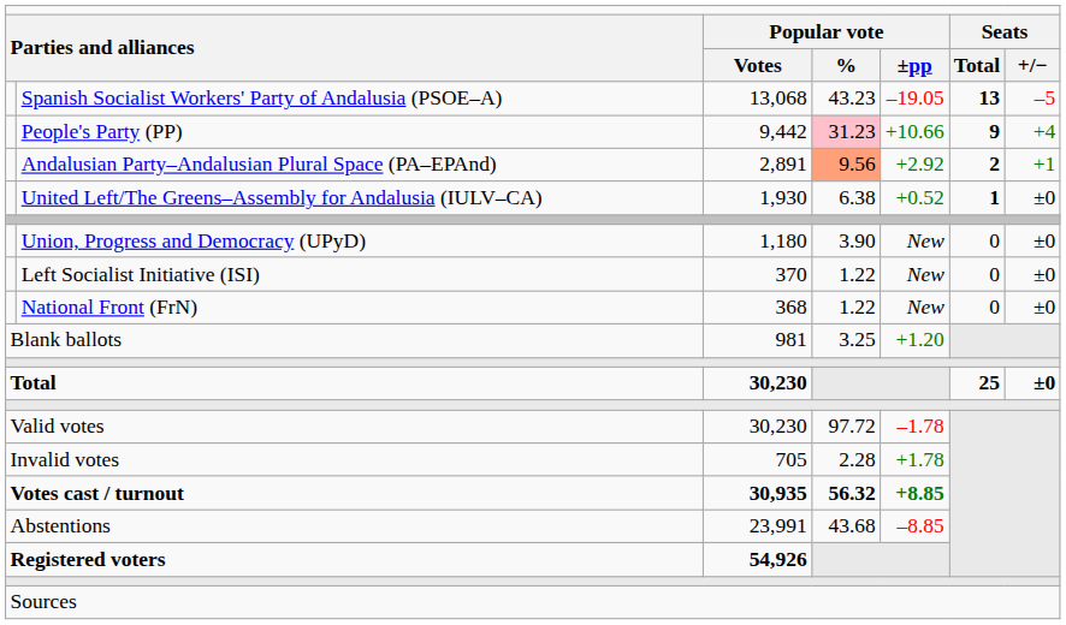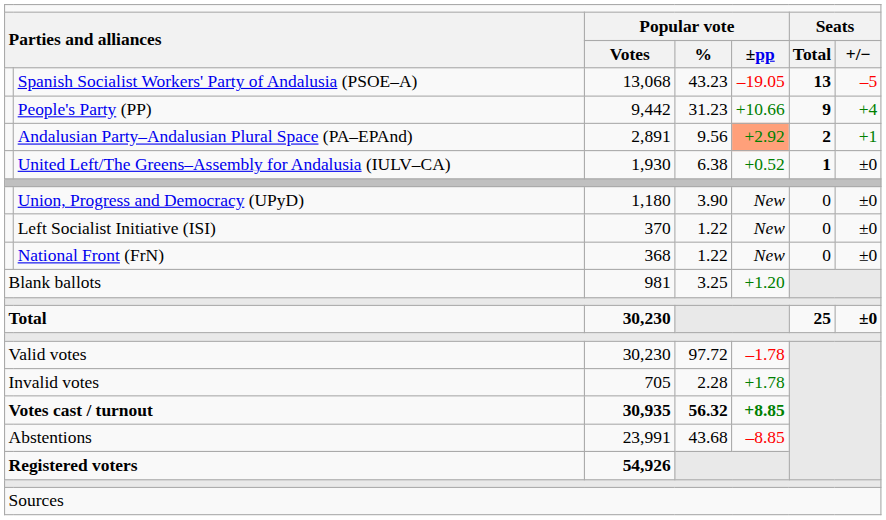 <table class="wikitable" style="text-align:right;">
 <tr>
 <td colspan="7"></td>
 </tr>
 <tr>
 <th style="text-align:left;" rowspan="2" colspan="2" width="525">Parties and alliances</th>
 <th colspan="3">Popular vote</th>
 <th colspan="2">Seats</th>
 </tr>
 <tr>
 <th width="75">Votes</th>
 <th width="45">%</th>
 <th width="45">±<a href='#'>pp</a></th>
 <th width="35">Total</th>
 <th width="35">+/−</th>
 </tr>
 <tr>
 <td width="1" style="color:inherit;background:"></td>
 <td align="left"><a href='#'>Spanish Socialist Workers' Party of Andalusia</a> (PSOE–A)</td>
 <td>13,068</td>
 <td>43.23</td>
 <td style="color:red;">–19.05</td>
 <td><strong>13</strong></td>
 <td style="color:red;">–5</td>
 </tr>
 <tr>
 <td style="color:inherit;background:"></td>
 <td align="left"><a href='#'>People's Party</a> (PP)</td>
 <td>9,442</td>
-<td style="background: pink;">31.23</td>
+<td>31.23</td>
 <td style="color:green;">+10.66</td>
 <td><strong>9</strong></td>
 <td style="color:green;">+4</td>
 </tr>
 <tr>
 <td style="color:inherit;background:"></td>
 <td align="left"><a href='#'>Andalusian Party–Andalusian Plural Space</a> (PA–EPAnd)</td>
 <td>2,891</td>
-<td style="background: lightsalmon;">9.56</td>
-<td style="color:green;">+2.92</td>
+<td>9.56</td>
+<td style="background: lightsalmon; color:green;">+2.92</td>
 <td><strong>2</strong></td>
 <td style="color:green;">+1</td>
 </tr>
 <tr>
 <td style="color:inherit;background:"></td>
 <td align="left"><a href='#'>United Left/The Greens–Assembly for Andalusia</a> (IULV–CA)</td>
 <td>1,930</td>
 <td>6.38</td>
 <td style="color:green;">+0.52</td>
 <td><strong>1</strong></td>
 <td>±0</td>
 </tr>
 <tr>
 <td colspan="7" bgcolor="#C0C0C0"></td>
 </tr>
 <tr>
 <td style="color:inherit;background:"></td>
 <td align="left"><a href='#'>Union, Progress and Democracy</a> (UPyD)</td>
 <td>1,180</td>
 <td>3.90</td>
 <td><em>New</em></td>
 <td>0</td>
 <td>±0</td>
 </tr>
 <tr>
 <td style="color:inherit;background:"></td>
 <td align="left">Left Socialist Initiative (ISI)</td>
 <td>370</td>
 <td>1.22</td>
 <td><em>New</em></td>
 <td>0</td>
 <td>±0</td>
 </tr>
 <tr>
 <td style="color:inherit;background:"></td>
 <td align="left"><a href='#'>National Front</a> (FrN)</td>
 <td>368</td>
 <td>1.22</td>
 <td><em>New</em></td>
 <td>0</td>
 <td>±0</td>
 </tr>
 <tr>
 <td align="left" colspan="2">Blank ballots</td>
 <td>981</td>
 <td>3.25</td>
 <td style="color:green;">+1.20</td>
 <td bgcolor="#E9E9E9" colspan="2"></td>
 </tr>
 <tr>
 <td colspan="7" bgcolor="#E9E9E9"></td>
 </tr>
 <tr style="font-weight:bold;">
 <td align="left" colspan="2">Total</td>
 <td>30,230</td>
 <td bgcolor="#E9E9E9" colspan="2"></td>
 <td>25</td>
 <td>±0</td>
 </tr>
 <tr>
 <td colspan="7" bgcolor="#E9E9E9"></td>
 </tr>
 <tr>
 <td align="left" colspan="2">Valid votes</td>
 <td>30,230</td>
 <td>97.72</td>
 <td style="color:red;">–1.78</td>
 <td bgcolor="#E9E9E9" colspan="2" rowspan="5"></td>
 </tr>
 <tr>
 <td align="left" colspan="2">Invalid votes</td>
 <td>705</td>
 <td>2.28</td>
 <td style="color:green;">+1.78</td>
 </tr>
 <tr style="font-weight:bold;">
 <td align="left" colspan="2">Votes cast / turnout</td>
 <td>30,935</td>
 <td>56.32</td>
 <td style="color:green;">+8.85</td>
 </tr>
 <tr>
 <td align="left" colspan="2">Abstentions</td>
 <td>23,991</td>
 <td>43.68</td>
 <td style="color:red;">–8.85</td>
 </tr>
 <tr style="font-weight:bold;">
 <td align="left" colspan="2">Registered voters</td>
 <td>54,926</td>
 <td bgcolor="#E9E9E9" colspan="2"></td>
 </tr>
 <tr>
 <td colspan="7" bgcolor="#E9E9E9"></td>
 </tr>
 <tr>
 <td align="left" colspan="7">Sources</td>
 </tr>
 </table>
